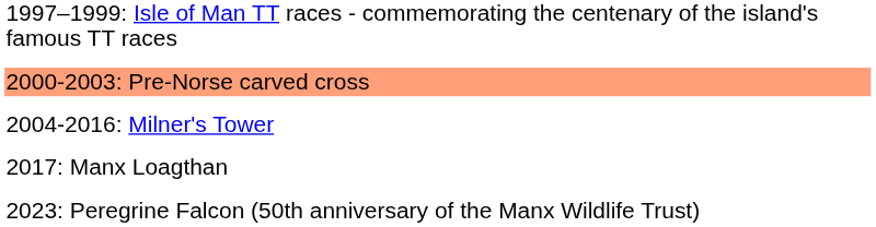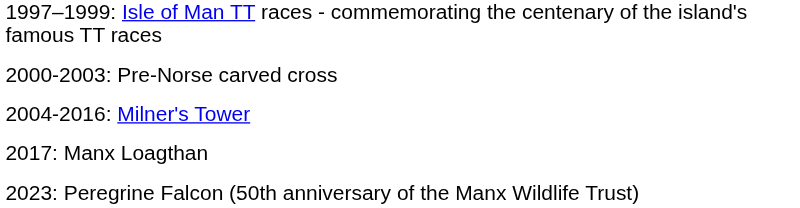 <table cellspacing="10px">
 <tr valign="top">
 <td>1997–1999: <a href='#'>Isle of Man TT</a> races - commemorating the centenary of the island's famous TT races<br></td>
 </tr>
 <tr valign="top">
-<td style="background: lightsalmon;">2000-2003: Pre-Norse carved cross<br></td>
+<td>2000-2003: Pre-Norse carved cross<br></td>
 </tr>
 <tr valign="top">
 <td>2004-2016: <a href='#'>Milner's Tower</a><br></td>
 </tr>
 <tr valign="top">
 <td>2017: Manx Loagthan</td>
 </tr>
 <tr valign="top">
 <td>2023: Peregrine Falcon (50th anniversary of the Manx Wildlife Trust)</td>
 </tr>
 </table>
